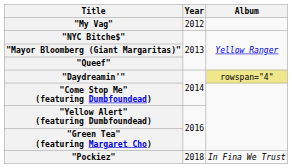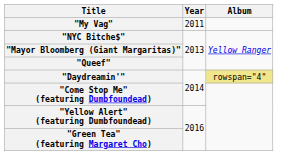 <table class="wikitable plainrowheaders" style="text-align:center;">
 <tr>
 <th scope="col">Title</th>
 <th scope="col">Year</th>
 <th scope="col">Album</th>
 </tr>
 <tr>
 <th scope="row">"My Vag"</th>
-<td>2012</td>
+<td>2011</td>
 <td></td>
 </tr>
 <tr>
 <th scope="row">"NYC Bitche$"</th>
 <td rowspan="3">2013</td>
 <td rowspan="3"><em><a href='#'>Yellow Ranger</a></em></td>
 </tr>
 <tr>
 <th scope="row">"Mayor Bloomberg (Giant Margaritas)"</th>
 </tr>
 <tr>
 <th scope="row">"Queef"</th>
 </tr>
 <tr>
 <th scope="row">"Daydreamin'"</th>
 <td rowspan="2">2014</td>
 <td style="background: khaki;">rowspan="4" </td>
 </tr>
 <tr>
 <th scope="row">"Come Stop Me"<br>(featuring <a href='#'>Dumbfoundead</a>)</th>
 </tr>
 <tr>
 <th scope="row">"Yellow Alert"<br>(featuring Dumbfoundead)</th>
 <td rowspan="2">2016</td>
 </tr>
 <tr>
 <th scope="row">"Green Tea"<br>(featuring <a href='#'>Margaret Cho</a>)</th>
 </tr>
-<tr>
-<th scope="row">"Pockiez"</th>
-<td>2018</td>
-<td><em>In Fina We Trust</em></td>
-</tr>
 </table>
